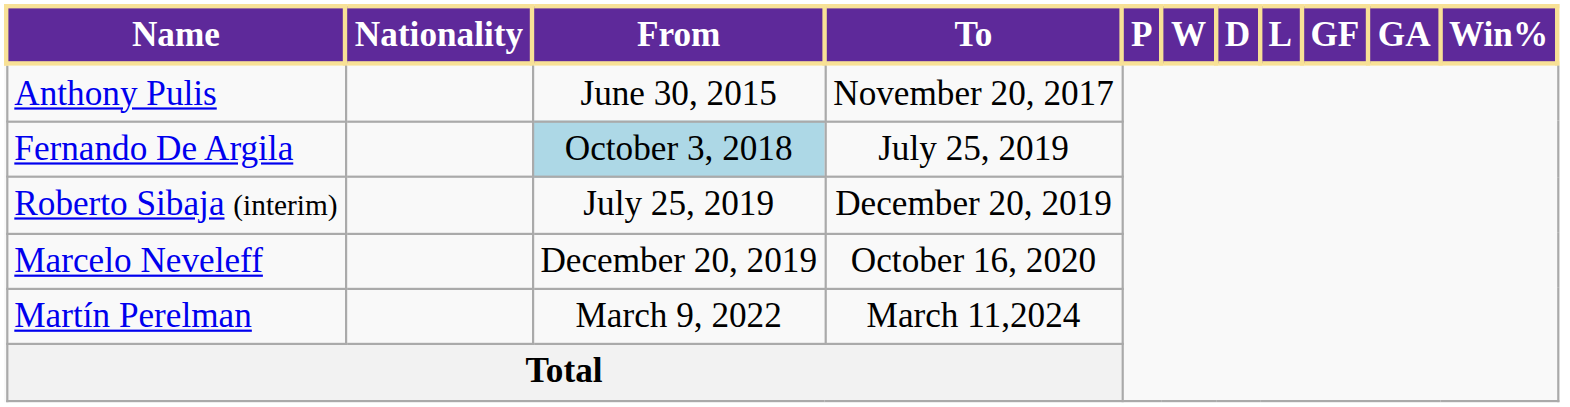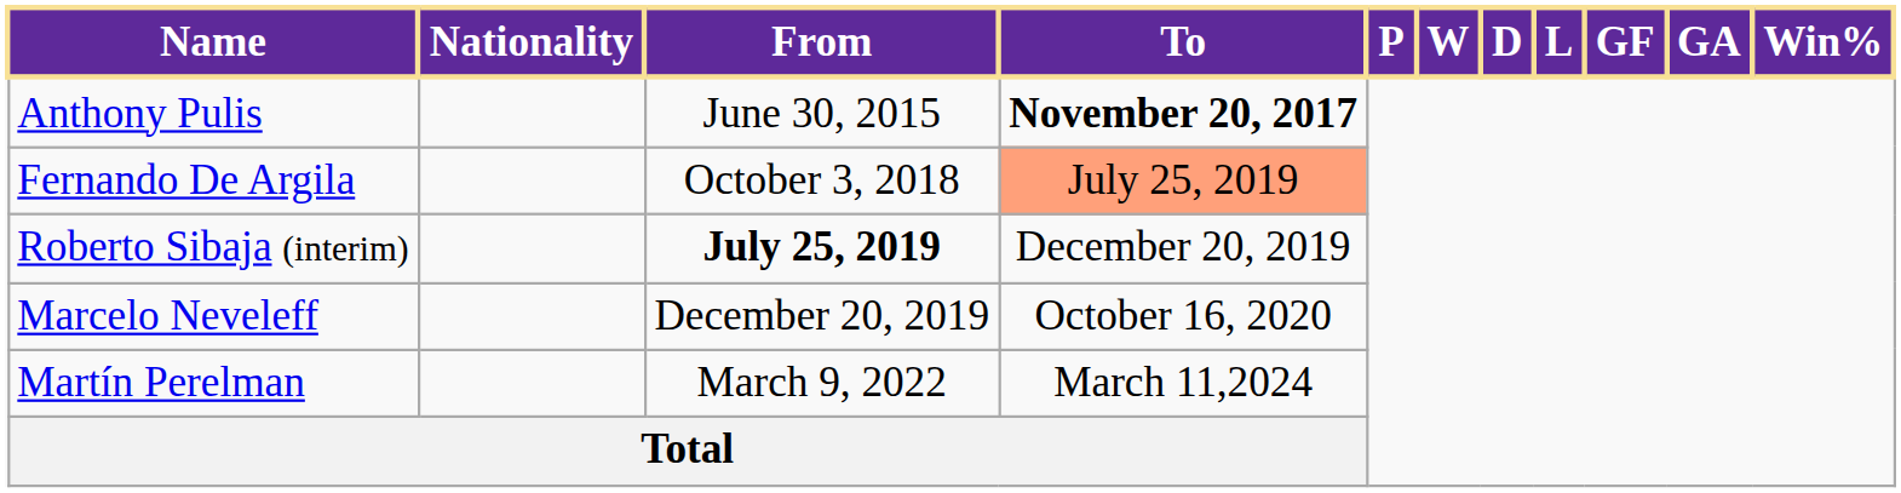 <table class="wikitable plainrowheaders sortable">
 <tr>
 <th style="background:#5E299A; color:#FFFFFF; border:2px solid #F8E196;" scope="col" class="unsortable">Name</th>
 <th style="background:#5E299A; color:#FFFFFF; border:2px solid #F8E196;" scope="col" class="unsortable">Nationality</th>
 <th style="background:#5E299A; color:#FFFFFF; border:2px solid #F8E196;" scope="col" class="unsortable">From</th>
 <th style="background:#5E299A; color:#FFFFFF; border:2px solid #F8E196;" scope="col" class="unsortable">To</th>
 <th style="background:#5E299A; color:#FFFFFF; border:2px solid #F8E196;" scope="col">P</th>
 <th style="background:#5E299A; color:#FFFFFF; border:2px solid #F8E196;" scope="col">W</th>
 <th style="background:#5E299A; color:#FFFFFF; border:2px solid #F8E196;" scope="col">D</th>
 <th style="background:#5E299A; color:#FFFFFF; border:2px solid #F8E196;" scope="col">L</th>
 <th style="background:#5E299A; color:#FFFFFF; border:2px solid #F8E196;" scope="col">GF</th>
 <th style="background:#5E299A; color:#FFFFFF; border:2px solid #F8E196;" scope="col">GA</th>
 <th style="background:#5E299A; color:#FFFFFF; border:2px solid #F8E196;" scope="col">Win%</th>
 </tr>
 <tr>
 <td><a href='#'>Anthony Pulis</a></td>
 <td></td>
 <td style="text-align:center;">June 30, 2015</td>
-<td style="text-align:center;">November 20, 2017<br></td>
+<td style="text-align:center;"><strong>November 20, 2017<br></strong></td>
 </tr>
 <tr>
 <td><a href='#'>Fernando De Argila</a></td>
 <td></td>
-<td style="background: lightblue; text-align:center;">October 3, 2018</td>
-<td style="text-align:center;">July 25, 2019<br></td>
+<td style="text-align:center;">October 3, 2018</td>
+<td style="background: lightsalmon; text-align:center;">July 25, 2019<br></td>
 </tr>
 <tr>
 <td><a href='#'>Roberto Sibaja</a> <small>(interim)</small></td>
 <td></td>
-<td style="text-align:center;">July 25, 2019</td>
+<td style="text-align:center;"><strong>July 25, 2019</strong></td>
 <td style="text-align:center;">December 20, 2019<br></td>
 </tr>
 <tr>
 <td><a href='#'>Marcelo Neveleff</a></td>
 <td></td>
 <td style="text-align:center;">December 20, 2019</td>
 <td style="text-align:center;">October 16, 2020<br></td>
 </tr>
 <tr>
 <td><a href='#'>Martín Perelman</a></td>
 <td></td>
 <td style="text-align:center;">March 9, 2022</td>
 <td style="text-align:center;">March 11,2024<br></td>
 </tr>
 <tr>
 <th colspan="4">Total<br></th>
 </tr>
 </table>
